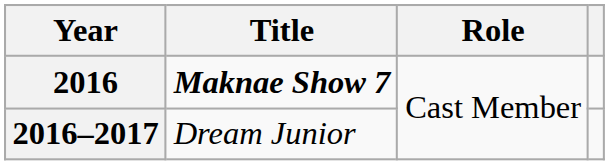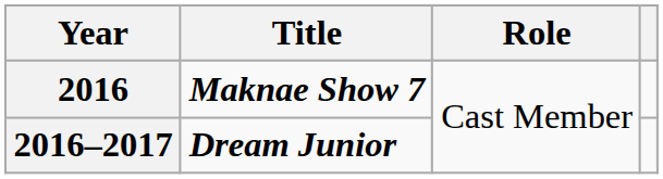 <table class="wikitable sortable plainrowheaders">
 <tr>
 <th scope="col">Year</th>
 <th scope="col">Title</th>
 <th scope="col">Role</th>
 <th scope="col" class="unsortable"></th>
 </tr>
 <tr>
 <th scope="row">2016</th>
 <td><strong><em>Maknae Show 7</em></strong></td>
 <td rowspan=2>Cast Member</td>
 <td></td>
 </tr>
 <tr>
 <th scope="row">2016–2017</th>
-<td><em>Dream Junior</em></td>
+<td><strong><em>Dream Junior</em></strong></td>
 <td></td>
 </tr>
 </table>
